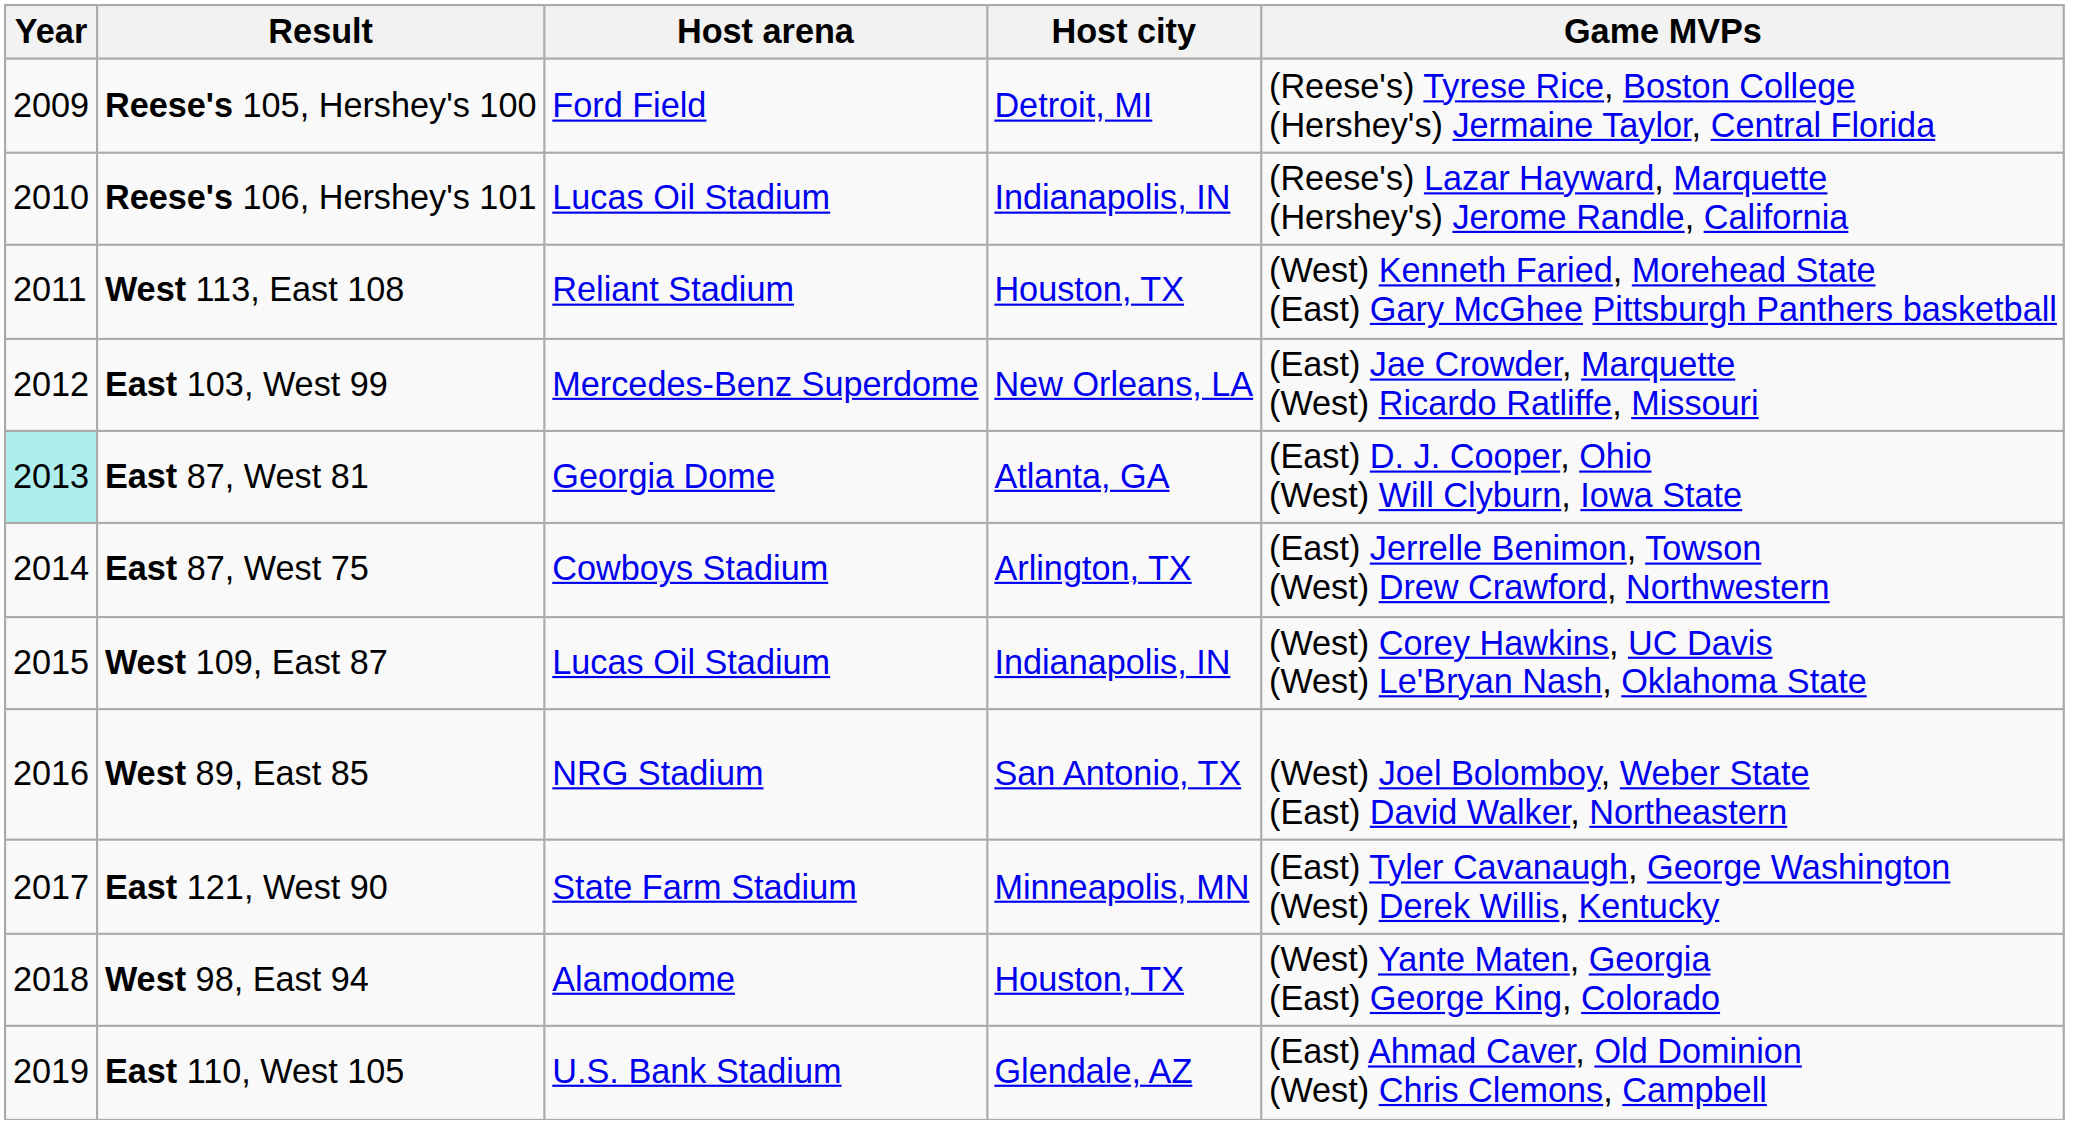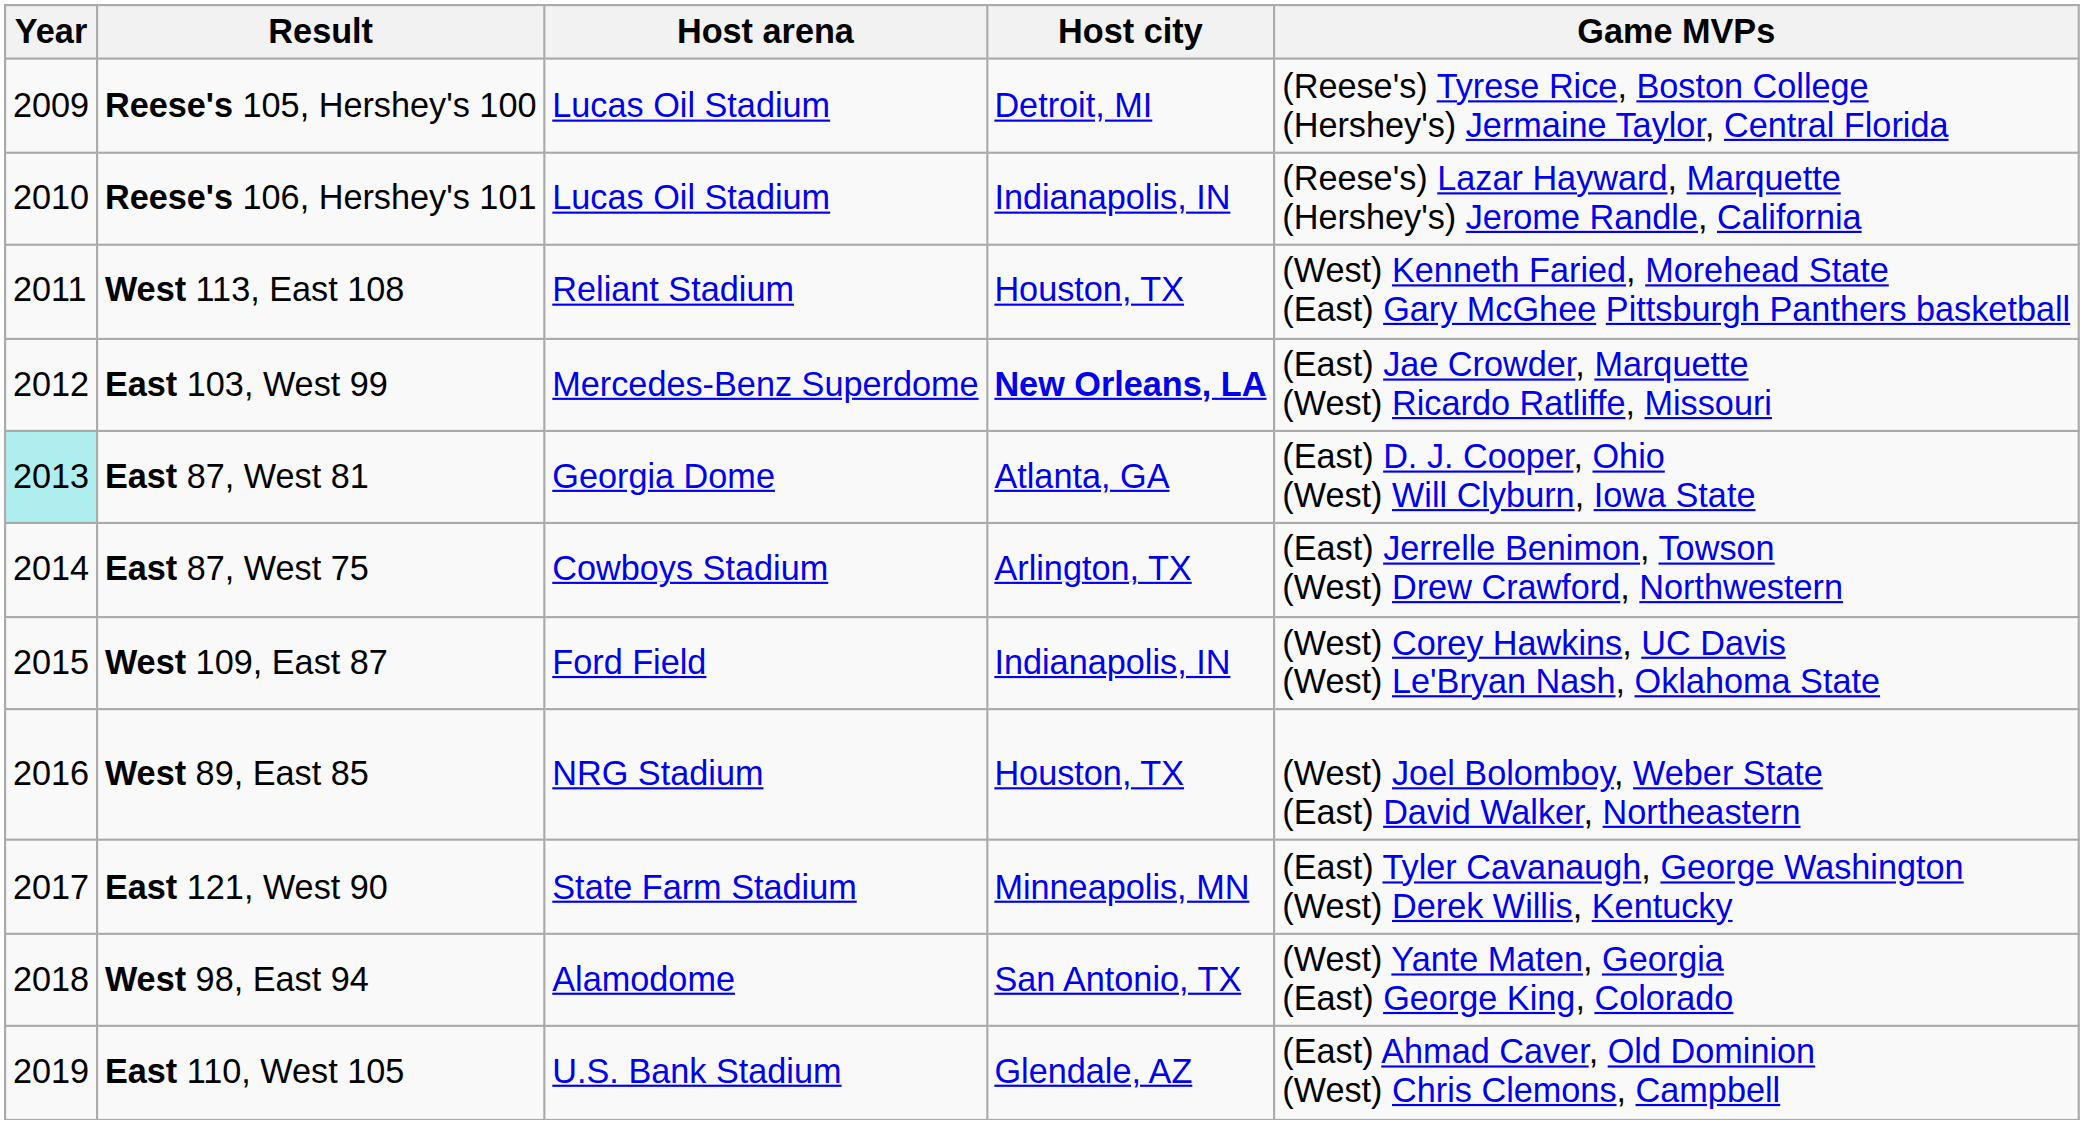 <table class="wikitable">
 <tr>
 <th>Year</th>
 <th>Result</th>
 <th>Host arena</th>
 <th>Host city</th>
 <th>Game MVPs</th>
 </tr>
 <tr>
 <td>2009</td>
 <td><strong>Reese's</strong> 105, Hershey's 100</td>
-<td><a href='#'>Ford Field</a></td>
+<td><a href='#'>Lucas Oil Stadium</a></td>
 <td><a href='#'>Detroit, MI</a></td>
 <td>(Reese's) <a href='#'>Tyrese Rice</a>, <a href='#'>Boston College</a><br> (Hershey's) <a href='#'>Jermaine Taylor</a>, <a href='#'>Central Florida</a></td>
 </tr>
 <tr>
 <td>2010</td>
 <td><strong>Reese's</strong> 106, Hershey's 101</td>
 <td><a href='#'>Lucas Oil Stadium</a></td>
 <td><a href='#'>Indianapolis, IN</a></td>
 <td>(Reese's) <a href='#'>Lazar Hayward</a>, <a href='#'>Marquette</a><br> (Hershey's) <a href='#'>Jerome Randle</a>, <a href='#'>California</a></td>
 </tr>
 <tr>
 <td>2011</td>
 <td><strong>West</strong> 113, East 108</td>
 <td><a href='#'>Reliant Stadium</a></td>
 <td><a href='#'>Houston, TX</a></td>
 <td>(West) <a href='#'>Kenneth Faried</a>, <a href='#'>Morehead State</a><br>(East) <a href='#'>Gary McGhee</a> <a href='#'>Pittsburgh Panthers basketball</a></td>
 </tr>
 <tr>
 <td>2012</td>
 <td><strong>East</strong> 103, West 99</td>
 <td><a href='#'>Mercedes-Benz Superdome</a></td>
-<td><a href='#'>New Orleans, LA</a></td>
+<td><strong><a href='#'>New Orleans, LA</a></strong></td>
 <td>(East) <a href='#'>Jae Crowder</a>, <a href='#'>Marquette</a><br> (West) <a href='#'>Ricardo Ratliffe</a>, <a href='#'>Missouri</a></td>
 </tr>
 <tr>
 <td style="background: paleturquoise;">2013</td>
 <td><strong>East</strong> 87, West 81</td>
 <td><a href='#'>Georgia Dome</a></td>
 <td><a href='#'>Atlanta, GA</a></td>
 <td>(East) <a href='#'>D. J. Cooper</a>, <a href='#'>Ohio</a> <br> (West) <a href='#'>Will Clyburn</a>, <a href='#'>Iowa State</a></td>
 </tr>
 <tr>
 <td>2014</td>
 <td><strong>East</strong> 87, West 75</td>
 <td><a href='#'>Cowboys Stadium</a></td>
 <td><a href='#'>Arlington, TX</a></td>
 <td>(East) <a href='#'>Jerrelle Benimon</a>, <a href='#'>Towson</a> <br> (West) <a href='#'>Drew Crawford</a>, <a href='#'>Northwestern</a></td>
 </tr>
 <tr>
 <td>2015</td>
 <td><strong>West</strong> 109, East 87</td>
-<td><a href='#'>Lucas Oil Stadium</a></td>
+<td><a href='#'>Ford Field</a></td>
 <td><a href='#'>Indianapolis, IN</a></td>
 <td>(West) <a href='#'>Corey Hawkins</a>, <a href='#'>UC Davis</a> <br> (West) <a href='#'>Le'Bryan Nash</a>, <a href='#'>Oklahoma State</a></td>
 </tr>
 <tr>
 <td>2016</td>
 <td><strong>West</strong> 89, East 85</td>
 <td><a href='#'>NRG Stadium</a></td>
-<td><a href='#'>San Antonio, TX</a></td>
+<td><a href='#'>Houston, TX</a></td>
 <td><br>(West) <a href='#'>Joel Bolomboy</a>, <a href='#'>Weber State</a><br> (East) <a href='#'>David Walker</a>, <a href='#'>Northeastern</a></td>
 </tr>
 <tr>
 <td>2017</td>
 <td><strong>East</strong> 121, West 90</td>
 <td><a href='#'>State Farm Stadium</a></td>
 <td><a href='#'> Minneapolis, MN</a></td>
 <td>(East) <a href='#'>Tyler Cavanaugh</a>, <a href='#'>George Washington</a><br>(West) <a href='#'>Derek Willis</a>, <a href='#'>Kentucky</a></td>
 </tr>
 <tr>
 <td>2018</td>
 <td><strong>West</strong> 98, East 94</td>
 <td><a href='#'>Alamodome</a></td>
-<td><a href='#'>Houston, TX</a></td>
+<td><a href='#'>San Antonio, TX</a></td>
 <td>(West) <a href='#'>Yante Maten</a>, <a href='#'>Georgia</a><br>(East) <a href='#'>George King</a>, <a href='#'>Colorado</a></td>
 </tr>
 <tr>
 <td>2019</td>
 <td><strong>East</strong> 110, West 105</td>
 <td><a href='#'>U.S. Bank Stadium</a></td>
 <td><a href='#'>Glendale, AZ</a></td>
 <td>(East) <a href='#'>Ahmad Caver</a>, <a href='#'>Old Dominion</a><br>(West) <a href='#'>Chris Clemons</a>, <a href='#'>Campbell</a></td>
 </tr>
 <tr>
 </tr>
 </table>
